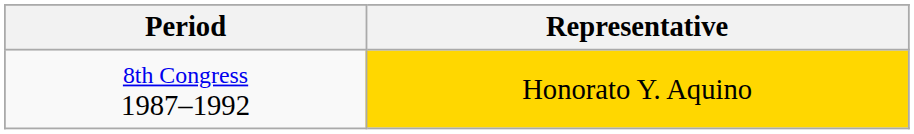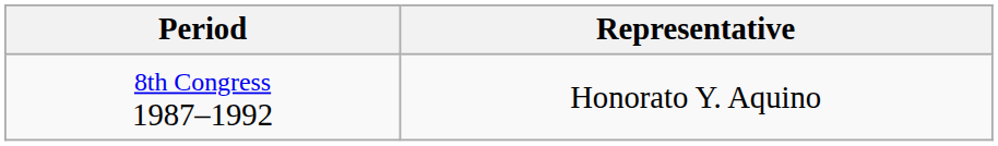 <table class="wikitable" style="text-align:center; width:40%;">
 <tr>
 <th width="40%">Period</th>
 <th>Representative</th>
 </tr>
 <tr>
 <td><small><a href='#'>8th Congress</a></small><br>1987–1992</td>
-<td style="background: gold;">Honorato Y. Aquino</td>
+<td>Honorato Y. Aquino</td>
 </tr>
 </table>
